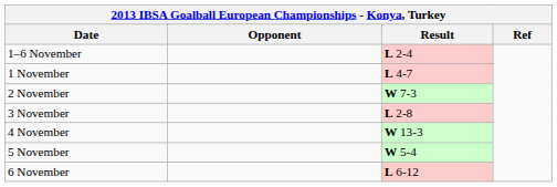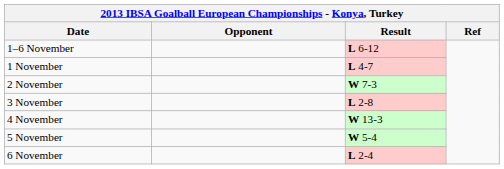 <table class="wikitable">
 <tr>
 <th width=700 colspan=4><a href='#'>2013 IBSA Goalball European Championships</a> - <a href='#'>Konya</a>, Turkey </th>
 </tr>
 <tr>
 <th width=150>Date</th>
 <th width=200>Opponent</th>
 <th width=100>Result</th>
 <th width=50>Ref</th>
 </tr>
 <tr>
 <td>1–6 November</td>
 <td></td>
-<td bgcolor=#fcc><strong>L</strong> 2-4</td>
+<td bgcolor=#fcc><strong>L</strong> 6-12</td>
 <td rowspan=7></td>
 </tr>
 <tr>
 <td>1 November</td>
 <td></td>
 <td bgcolor=#fcc><strong>L</strong> 4-7</td>
 </tr>
 <tr>
 <td>2 November</td>
 <td></td>
 <td bgcolor=#cfc><strong>W</strong> 7-3</td>
 </tr>
 <tr>
 <td>3 November</td>
 <td></td>
 <td bgcolor=#fcc><strong>L</strong> 2-8</td>
 </tr>
 <tr>
 <td>4 November</td>
 <td></td>
 <td bgcolor=#cfc><strong>W</strong> 13-3</td>
 </tr>
 <tr>
 <td>5 November</td>
 <td></td>
 <td bgcolor=#cfc><strong>W</strong> 5-4</td>
 </tr>
 <tr>
 <td>6 November</td>
 <td></td>
-<td bgcolor=#fcc><strong>L</strong> 6-12</td>
+<td bgcolor=#fcc><strong>L</strong> 2-4</td>
 </tr>
 </table>
